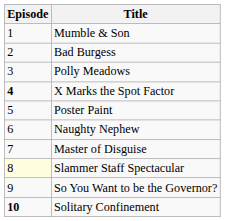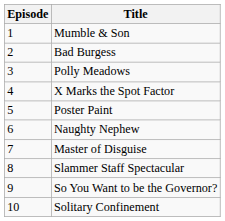 <table class="wikitable">
 <tr>
 <th>Episode</th>
 <th>Title</th>
 </tr>
 <tr>
 <td>1</td>
 <td>Mumble & Son</td>
 </tr>
 <tr>
 <td>2</td>
 <td>Bad Burgess</td>
 </tr>
 <tr>
 <td>3</td>
 <td>Polly Meadows</td>
 </tr>
 <tr>
-<td><strong>4</strong></td>
+<td>4</td>
 <td>X Marks the Spot Factor</td>
 </tr>
 <tr>
 <td>5</td>
 <td>Poster Paint</td>
 </tr>
 <tr>
 <td>6</td>
 <td>Naughty Nephew</td>
 </tr>
 <tr>
 <td>7</td>
 <td>Master of Disguise</td>
 </tr>
 <tr>
-<td style="background: lightyellow;">8</td>
+<td>8</td>
 <td>Slammer Staff Spectacular</td>
 </tr>
 <tr>
 <td>9</td>
 <td>So You Want to be the Governor?</td>
 </tr>
 <tr>
-<td><strong>10</strong></td>
+<td>10</td>
 <td>Solitary Confinement</td>
 </tr>
 </table>
